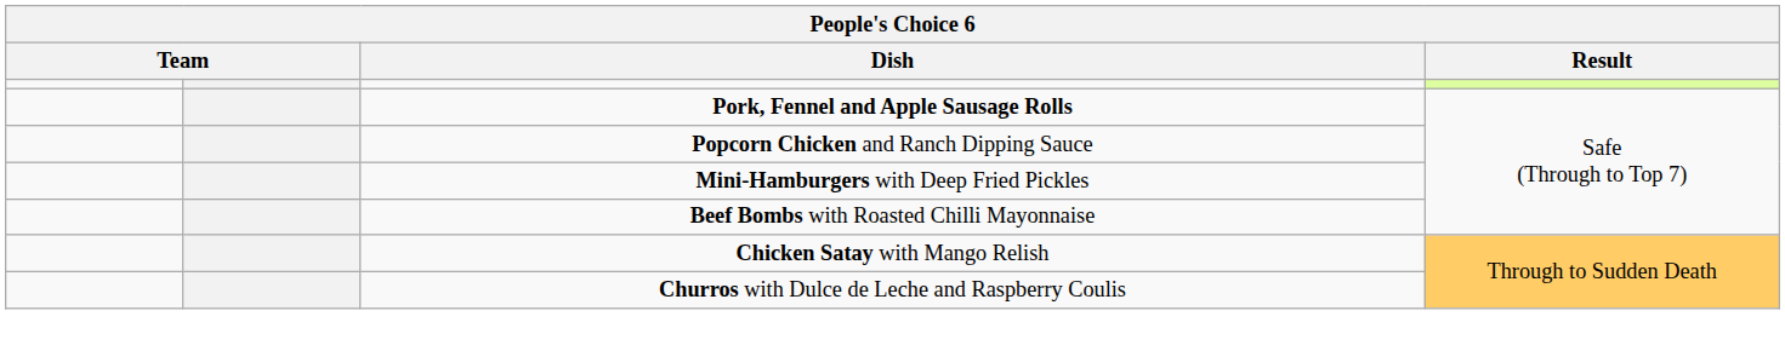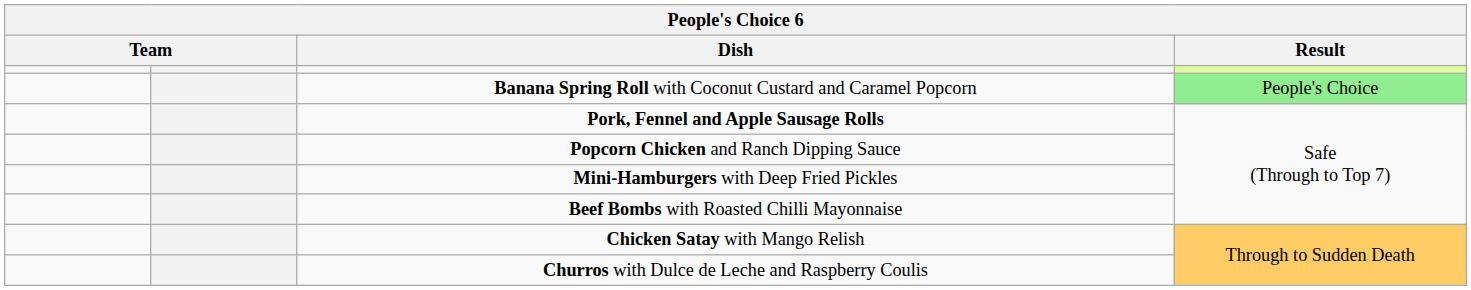 <table class="wikitable plainrowheaders" style="margin:1em auto; text-align:center; font-size:90%; width:80em;">
 <tr>
 <th colspan="4" >People's Choice 6</th>
 </tr>
 <tr>
 <th style="width:20%;" colspan="2">Team</th>
 <th style="width:60%;">Dish</th>
 <th style="width:20%;">Result</th>
 </tr>
 <tr>
 <td></td>
 <th></th>
 <td></td>
 <td bgcolor=#DDFF9F></td>
+</tr>
+<tr>
+<td></td>
+<th></th>
+<td><strong>Banana Spring Roll</strong> with Coconut Custard and Caramel Popcorn</td>
+<td bgcolor="lightgreen">People's Choice</td>
 </tr>
 <tr>
 <td></td>
 <th></th>
 <td><strong>Pork, Fennel and Apple Sausage Rolls</strong></td>
 <td rowspan="4">Safe<br>(Through to Top 7)</td>
 </tr>
 <tr>
 <td></td>
 <th></th>
 <td><strong>Popcorn Chicken</strong> and Ranch Dipping Sauce</td>
 </tr>
 <tr>
 <td></td>
 <th></th>
 <td><strong>Mini-Hamburgers</strong> with Deep Fried Pickles</td>
 </tr>
 <tr>
 <td></td>
 <th></th>
 <td><strong>Beef Bombs</strong> with Roasted Chilli Mayonnaise</td>
 </tr>
 <tr>
 <td></td>
 <th></th>
 <td><strong>Chicken Satay</strong> with Mango Relish</td>
 <td rowspan="2" bgcolor="FFCC66">Through to Sudden Death</td>
 </tr>
 <tr>
 <td></td>
 <th></th>
 <td><strong>Churros</strong> with Dulce de Leche and Raspberry Coulis</td>
 </tr>
 </table>
